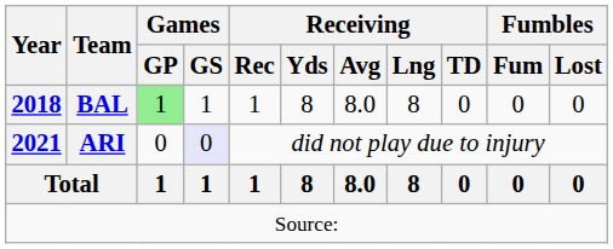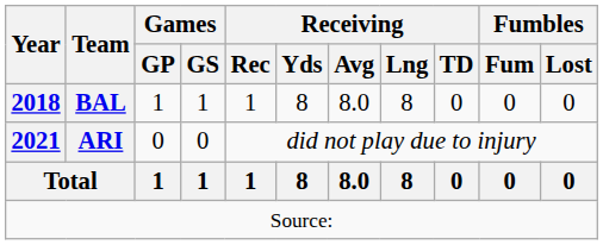 <table class="wikitable" style="text-align:center;">
 <tr>
 <th rowspan="2">Year</th>
 <th rowspan="2">Team</th>
 <th colspan="2">Games</th>
 <th colspan="5">Receiving</th>
 <th colspan="2">Fumbles</th>
 </tr>
 <tr>
 <th>GP</th>
 <th>GS</th>
 <th>Rec</th>
 <th>Yds</th>
 <th>Avg</th>
 <th>Lng</th>
 <th>TD</th>
 <th>Fum</th>
 <th>Lost</th>
 </tr>
 <tr>
 <th><a href='#'>2018</a></th>
 <th><a href='#'>BAL</a></th>
-<td style="background: lightgreen;">1</td>
+<td>1</td>
 <td>1</td>
 <td>1</td>
 <td>8</td>
 <td>8.0</td>
 <td>8</td>
 <td>0</td>
 <td>0</td>
 <td>0</td>
 </tr>
 <tr>
 <th><a href='#'>2021</a></th>
 <th><a href='#'>ARI</a></th>
 <td>0</td>
-<td style="background: lavender;">0</td>
+<td>0</td>
 <td colspan="7"><em>did not play due to injury</em></td>
 </tr>
 <tr>
 <th colspan="2">Total</th>
 <th>1</th>
 <th>1</th>
 <th>1</th>
 <th>8</th>
 <th>8.0</th>
 <th>8</th>
 <th>0</th>
 <th>0</th>
 <th>0</th>
 </tr>
 <tr>
 <td colspan="11"><small>Source: </small></td>
 </tr>
 </table>
